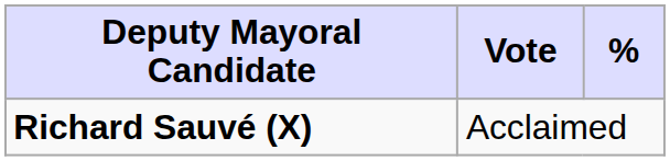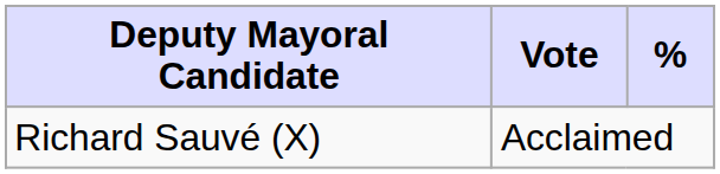 <table class="wikitable">
 <tr>
 <th style="background:#ddf; width:200px;">Deputy Mayoral Candidate</th>
 <th style="background:#ddf; width:50px;">Vote</th>
 <th style="background:#ddf; width:30px;">%</th>
 </tr>
 <tr>
-<td><strong>Richard Sauvé (X)</strong></td>
+<td>Richard Sauvé (X)</td>
 <td colspan="2">Acclaimed</td>
 </tr>
 </table>
